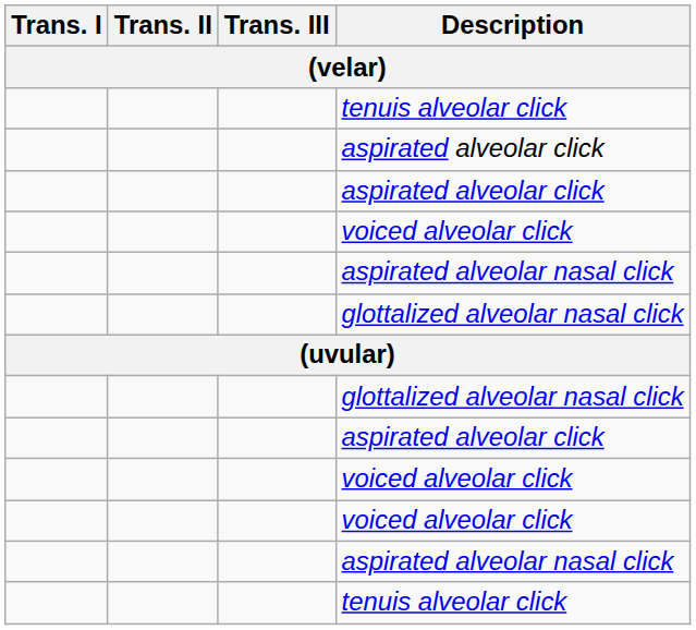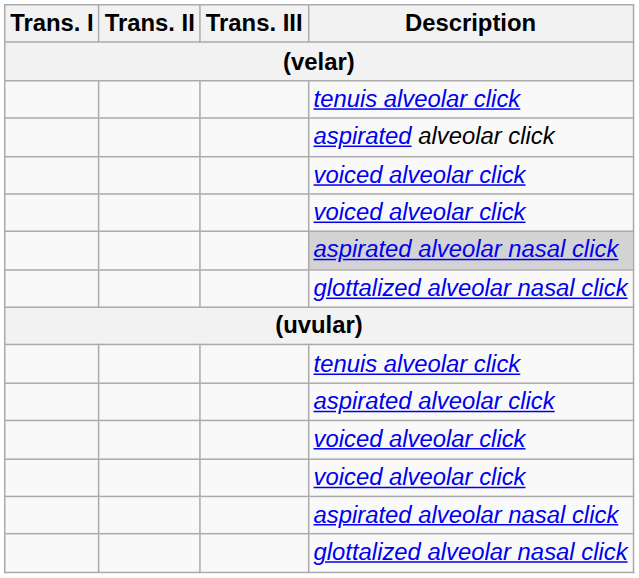 <table class="wikitable">
 <tr>
 <th>Trans. I</th>
 <th>Trans. II</th>
 <th>Trans. III</th>
 <th>Description</th>
 </tr>
 <tr>
 <th colspan=4>(velar)</th>
 </tr>
 <tr>
 <td style="font-size:24px" align="center"></td>
 <td style="font-size:24px" align="center"></td>
 <td style="font-size:24px" align="center"></td>
 <td><em><a href='#'>tenuis alveolar click</a></em></td>
 </tr>
 <tr>
 <td style="font-size:24px" align="center"></td>
 <td style="font-size:24px" align="center"></td>
 <td style="font-size:24px" align="center"></td>
 <td><em><a href='#'>aspirated</a> alveolar click</em></td>
 </tr>
 <tr>
 <td style="font-size:24px" align="center"></td>
 <td style="font-size:24px" align="center"></td>
 <td style="font-size:24px" align="center"></td>
-<td><em><a href='#'>aspirated alveolar click</a></em></td>
+<td><em><a href='#'>voiced alveolar click</a></em></td>
 </tr>
 <tr>
 <td style="font-size:24px" align="center"></td>
 <td style="font-size:24px" align="center"></td>
 <td style="font-size:24px" align="center"></td>
 <td><em><a href='#'>voiced alveolar click</a></em></td>
 </tr>
 <tr>
 <td style="font-size:24px" align="center"></td>
 <td style="font-size:24px" align="center"></td>
 <td style="font-size:24px" align="center"></td>
-<td><em><a href='#'>aspirated alveolar nasal click</a></em></td>
+<td style="background: lightgrey;"><em><a href='#'>aspirated alveolar nasal click</a></em></td>
 </tr>
 <tr>
 <td style="font-size:24px" align="center"></td>
 <td style="font-size:24px" align="center"></td>
 <td style="font-size:24px" align="center"></td>
 <td><em><a href='#'>glottalized alveolar nasal click</a></em></td>
 </tr>
 <tr>
 <th colspan=4>(uvular)</th>
 </tr>
 <tr>
 <td style="font-size:24px" align="center"></td>
 <td style="font-size:24px" align="center"></td>
 <td></td>
-<td><em><a href='#'>glottalized alveolar nasal click</a></em></td>
+<td><em><a href='#'>tenuis alveolar click</a></em></td>
 </tr>
 <tr>
 <td style="font-size:24px" align="center"></td>
 <td style="font-size:24px" align="center"></td>
 <td></td>
 <td><em><a href='#'>aspirated alveolar click</a></em></td>
 </tr>
 <tr>
 <td style="font-size:24px" align="center"></td>
 <td style="font-size:24px" align="center"></td>
 <td></td>
 <td><em><a href='#'>voiced alveolar click</a></em></td>
 </tr>
 <tr>
 <td style="font-size:24px" align="center"></td>
 <td style="font-size:24px" align="center"></td>
 <td></td>
 <td><em><a href='#'>voiced alveolar click</a></em></td>
 </tr>
 <tr>
 <td style="font-size:24px" align="center"></td>
 <td style="font-size:24px" align="center"></td>
 <td></td>
 <td><em><a href='#'>aspirated alveolar nasal click</a></em></td>
 </tr>
 <tr>
 <td style="font-size:24px" align="center"></td>
 <td style="font-size:24px" align="center"></td>
 <td></td>
-<td><em><a href='#'>tenuis alveolar click</a></em></td>
+<td><em><a href='#'>glottalized alveolar nasal click</a></em></td>
 </tr>
 </table>
